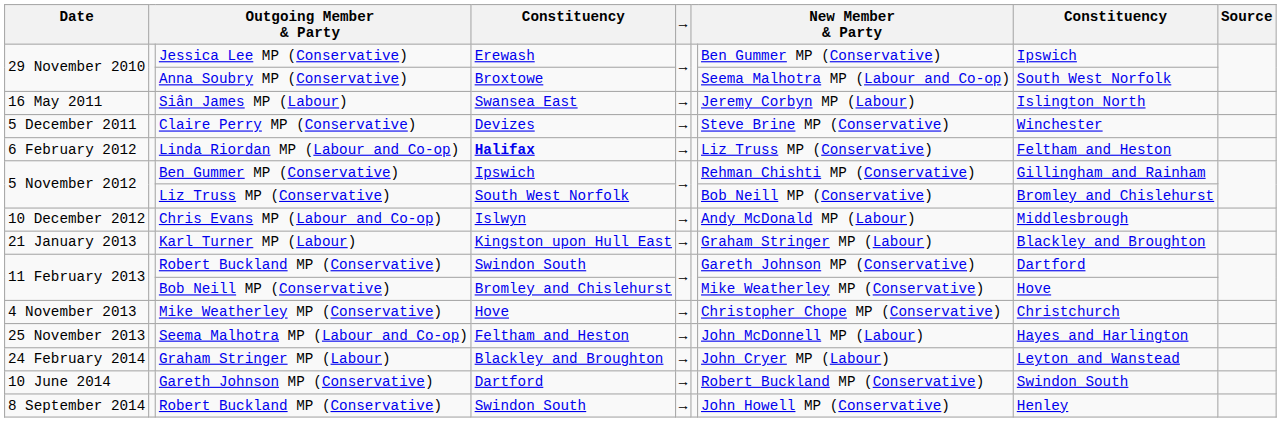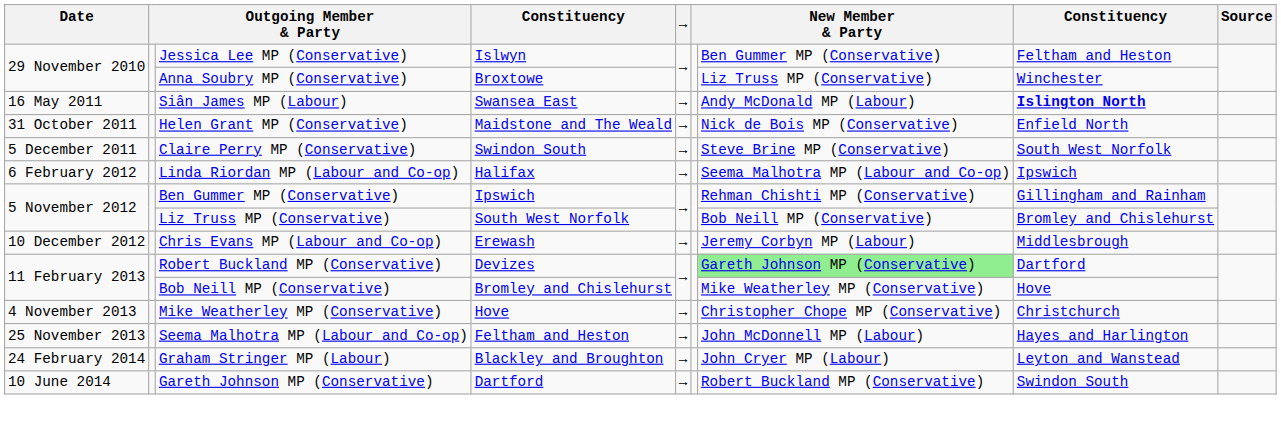 <table class="wikitable">
 <tr>
 <th valign="top">Date</th>
 <th colspan="2" valign="top">Outgoing Member<br>& Party</th>
 <th valign="top">Constituency</th>
 <th>→</th>
 <th colspan="2" valign="top">New Member<br>& Party</th>
 <th valign="top">Constituency</th>
 <th valign="top">Source</th>
 </tr>
 <tr>
 <td rowspan=2 nowrap>29 November 2010</td>
 <td rowspan=2 style="color:inherit;background:"></td>
 <td><a href='#'>Jessica Lee</a> MP (<a href='#'>Conservative</a>)</td>
-<td><a href='#'>Erewash</a></td>
+<td><a href='#'>Islwyn</a></td>
 <td rowspan=2>→</td>
 <td rowspan=2 style="color:inherit;background:"></td>
 <td><a href='#'>Ben Gummer</a> MP (<a href='#'>Conservative</a>)</td>
-<td><a href='#'>Ipswich</a></td>
+<td><a href='#'>Feltham and Heston</a></td>
 <td rowspan=2></td>
 </tr>
 <tr>
 <td><a href='#'>Anna Soubry</a> MP (<a href='#'>Conservative</a>)</td>
 <td><a href='#'>Broxtowe</a></td>
-<td><a href='#'>Seema Malhotra</a> MP (<a href='#'>Labour and Co-op</a>)</td>
-<td><a href='#'>South West Norfolk</a></td>
+<td><a href='#'>Liz Truss</a> MP (<a href='#'>Conservative</a>)</td>
+<td><a href='#'>Winchester</a></td>
 </tr>
 <tr>
 <td>16 May 2011</td>
 <td style="color:inherit;background:"></td>
 <td><a href='#'>Siân James</a> MP (<a href='#'>Labour</a>)</td>
 <td><a href='#'>Swansea East</a></td>
 <td>→</td>
 <td style="color:inherit;background:"></td>
-<td><a href='#'>Jeremy Corbyn</a> MP (<a href='#'>Labour</a>)</td>
-<td><a href='#'>Islington North</a></td>
+<td><a href='#'>Andy McDonald</a> MP (<a href='#'>Labour</a>)</td>
+<td><strong><a href='#'>Islington North</a></strong></td>
+<td></td>
+</tr>
+<tr>
+<td>31 October 2011</td>
+<td style="color:inherit;background:"></td>
+<td><a href='#'>Helen Grant</a> MP (<a href='#'>Conservative</a>)</td>
+<td><a href='#'>Maidstone and The Weald</a></td>
+<td>→</td>
+<td style="color:inherit;background:"></td>
+<td><a href='#'>Nick de Bois</a> MP (<a href='#'>Conservative</a>)</td>
+<td><a href='#'>Enfield North</a></td>
 <td></td>
 </tr>
 <tr>
 <td>5 December 2011</td>
 <td style="color:inherit;background:"></td>
 <td><a href='#'>Claire Perry</a> MP (<a href='#'>Conservative</a>)</td>
-<td><a href='#'>Devizes</a></td>
+<td><a href='#'>Swindon South</a></td>
 <td>→</td>
 <td style="color:inherit;background:"></td>
 <td><a href='#'>Steve Brine</a> MP (<a href='#'>Conservative</a>)</td>
-<td><a href='#'>Winchester</a></td>
+<td><a href='#'>South West Norfolk</a></td>
 <td></td>
 </tr>
 <tr>
 <td>6 February 2012</td>
 <td style="color:inherit;background:"></td>
 <td><a href='#'>Linda Riordan</a> MP (<a href='#'>Labour and Co-op</a>)</td>
-<td><strong><a href='#'>Halifax</a></strong></td>
+<td><a href='#'>Halifax</a></td>
 <td>→</td>
 <td style="color:inherit;background:"></td>
-<td><a href='#'>Liz Truss</a> MP (<a href='#'>Conservative</a>)</td>
-<td><a href='#'>Feltham and Heston</a></td>
+<td><a href='#'>Seema Malhotra</a> MP (<a href='#'>Labour and Co-op</a>)</td>
+<td><a href='#'>Ipswich</a></td>
 <td></td>
 </tr>
 <tr>
 <td rowspan=2>5 November 2012</td>
 <td rowspan=2 style="color:inherit;background:"></td>
 <td><a href='#'>Ben Gummer</a> MP (<a href='#'>Conservative</a>)</td>
 <td><a href='#'>Ipswich</a></td>
 <td rowspan=2>→</td>
 <td rowspan=2 style="color:inherit;background:"></td>
 <td><a href='#'>Rehman Chishti</a> MP (<a href='#'>Conservative</a>)</td>
 <td><a href='#'>Gillingham and Rainham</a></td>
 <td rowspan=2></td>
 </tr>
 <tr>
 <td><a href='#'>Liz Truss</a> MP (<a href='#'>Conservative</a>)</td>
 <td><a href='#'>South West Norfolk</a></td>
 <td><a href='#'>Bob Neill</a> MP (<a href='#'>Conservative</a>)</td>
 <td><a href='#'>Bromley and Chislehurst</a></td>
 </tr>
 <tr>
 <td>10 December 2012</td>
 <td style="color:inherit;background:"></td>
 <td><a href='#'>Chris Evans</a> MP (<a href='#'>Labour and Co-op</a>)</td>
-<td><a href='#'>Islwyn</a></td>
+<td><a href='#'>Erewash</a></td>
 <td>→</td>
 <td style="color:inherit;background:"></td>
-<td><a href='#'>Andy McDonald</a> MP (<a href='#'>Labour</a>)</td>
+<td><a href='#'>Jeremy Corbyn</a> MP (<a href='#'>Labour</a>)</td>
 <td><a href='#'>Middlesbrough</a></td>
-<td></td>
-</tr>
-<tr>
-<td>21 January 2013</td>
-<td style="color:inherit;background:"></td>
-<td><a href='#'>Karl Turner</a> MP (<a href='#'>Labour</a>)</td>
-<td><a href='#'>Kingston upon Hull East</a></td>
-<td>→</td>
-<td style="color:inherit;background:"></td>
-<td><a href='#'>Graham Stringer</a> MP (<a href='#'>Labour</a>)</td>
-<td><a href='#'>Blackley and Broughton</a></td>
 <td></td>
 </tr>
 <tr>
 <td rowspan=2>11 February 2013</td>
 <td rowspan=2 style="color:inherit;background:"></td>
 <td><a href='#'>Robert Buckland</a> MP (<a href='#'>Conservative</a>)</td>
-<td><a href='#'>Swindon South</a></td>
+<td><a href='#'>Devizes</a></td>
 <td rowspan=2>→</td>
 <td rowspan=2 style="color:inherit;background:"></td>
-<td><a href='#'>Gareth Johnson</a> MP (<a href='#'>Conservative</a>)</td>
+<td style="background: lightgreen;"><a href='#'>Gareth Johnson</a> MP (<a href='#'>Conservative</a>)</td>
 <td><a href='#'>Dartford</a></td>
 <td rowspan=2></td>
 </tr>
 <tr>
 <td><a href='#'>Bob Neill</a> MP (<a href='#'>Conservative</a>)</td>
 <td><a href='#'>Bromley and Chislehurst</a></td>
 <td><a href='#'>Mike Weatherley</a> MP (<a href='#'>Conservative</a>)</td>
 <td><a href='#'>Hove</a></td>
 </tr>
 <tr>
 <td>4 November 2013</td>
 <td style="color:inherit;background:"></td>
 <td><a href='#'>Mike Weatherley</a> MP (<a href='#'>Conservative</a>)</td>
 <td><a href='#'>Hove</a></td>
 <td>→</td>
 <td style="color:inherit;background:"></td>
 <td><a href='#'>Christopher Chope</a> MP (<a href='#'>Conservative</a>)</td>
 <td><a href='#'>Christchurch</a></td>
 <td></td>
 </tr>
 <tr>
 <td>25 November 2013</td>
 <td style="color:inherit;background:"></td>
 <td><a href='#'>Seema Malhotra</a> MP (<a href='#'>Labour and Co-op</a>)</td>
 <td><a href='#'>Feltham and Heston</a></td>
 <td>→</td>
 <td style="color:inherit;background:"></td>
 <td><a href='#'>John McDonnell</a> MP (<a href='#'>Labour</a>)</td>
 <td><a href='#'>Hayes and Harlington</a></td>
 <td></td>
 </tr>
 <tr>
 <td>24 February 2014</td>
 <td style="color:inherit;background:"></td>
 <td><a href='#'>Graham Stringer</a> MP (<a href='#'>Labour</a>)</td>
 <td><a href='#'>Blackley and Broughton</a></td>
 <td>→</td>
 <td style="color:inherit;background:"></td>
 <td><a href='#'>John Cryer</a> MP (<a href='#'>Labour</a>)</td>
 <td><a href='#'>Leyton and Wanstead</a></td>
 <td></td>
 </tr>
 <tr>
 <td>10 June 2014</td>
 <td style="color:inherit;background:"></td>
 <td><a href='#'>Gareth Johnson</a> MP (<a href='#'>Conservative</a>)</td>
 <td><a href='#'>Dartford</a></td>
 <td>→</td>
 <td style="color:inherit;background:"></td>
 <td><a href='#'>Robert Buckland</a> MP (<a href='#'>Conservative</a>)</td>
 <td><a href='#'>Swindon South</a></td>
 <td></td>
 </tr>
-<tr>
-<td>8 September 2014</td>
-<td style="color:inherit;background:"></td>
-<td><a href='#'>Robert Buckland</a> MP (<a href='#'>Conservative</a>)</td>
-<td><a href='#'>Swindon South</a></td>
-<td>→</td>
-<td style="color:inherit;background:"></td>
-<td><a href='#'>John Howell</a> MP (<a href='#'>Conservative</a>)</td>
-<td><a href='#'>Henley</a></td>
-<td></td>
-</tr>
 </table>
